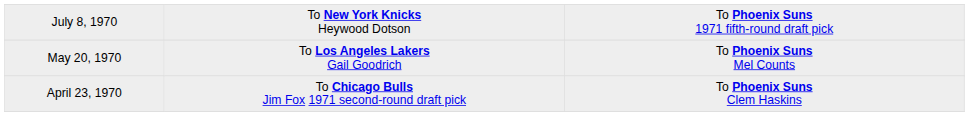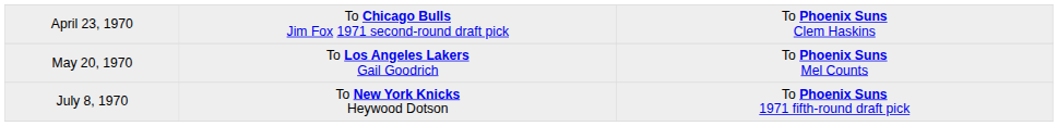 <table border=1 style="border-collapse:collapse; text-align: center; width: 100%" bordercolor="#DFDFDF"  cellpadding="5">
 <tr>
 </tr>
 <tr bgcolor="eeeeee">
-<td style="width:12%">July 8, 1970</td>
-<td style="width:30%" valign="top">To <strong><a href='#'>New York Knicks</a></strong><br> Heywood Dotson</td>
-<td style="width:30%" valign="top">To <strong><a href='#'>Phoenix Suns</a></strong><br><a href='#'>1971 fifth-round draft pick</a></td>
+<td style="width:12%">April 23, 1970</td>
+<td style="width:30%" valign="top">To <strong><a href='#'>Chicago Bulls</a></strong><br> <a href='#'>Jim Fox</a> <a href='#'>1971 second-round draft pick</a></td>
+<td style="width:30%" valign="top">To <strong><a href='#'>Phoenix Suns</a></strong><br> <a href='#'>Clem Haskins</a></td>
 </tr>
 <tr>
 </tr>
 <tr bgcolor="eeeeee">
 <td style="width:12%">May 20, 1970</td>
 <td style="width:30%" valign="top">To <strong><a href='#'>Los Angeles Lakers</a></strong><br> <a href='#'>Gail Goodrich</a></td>
 <td style="width:30%" valign="top">To <strong><a href='#'>Phoenix Suns</a></strong><br> <a href='#'>Mel Counts</a></td>
 </tr>
 <tr>
 </tr>
 <tr bgcolor="eeeeee">
-<td style="width:12%">April 23, 1970</td>
-<td style="width:30%" valign="top">To <strong><a href='#'>Chicago Bulls</a></strong><br> <a href='#'>Jim Fox</a> <a href='#'>1971 second-round draft pick</a></td>
-<td style="width:30%" valign="top">To <strong><a href='#'>Phoenix Suns</a></strong><br> <a href='#'>Clem Haskins</a></td>
+<td style="width:12%">July 8, 1970</td>
+<td style="width:30%" valign="top">To <strong><a href='#'>New York Knicks</a></strong><br> Heywood Dotson</td>
+<td style="width:30%" valign="top">To <strong><a href='#'>Phoenix Suns</a></strong><br><a href='#'>1971 fifth-round draft pick</a></td>
 </tr>
 <tr>
 </tr>
 </table>
